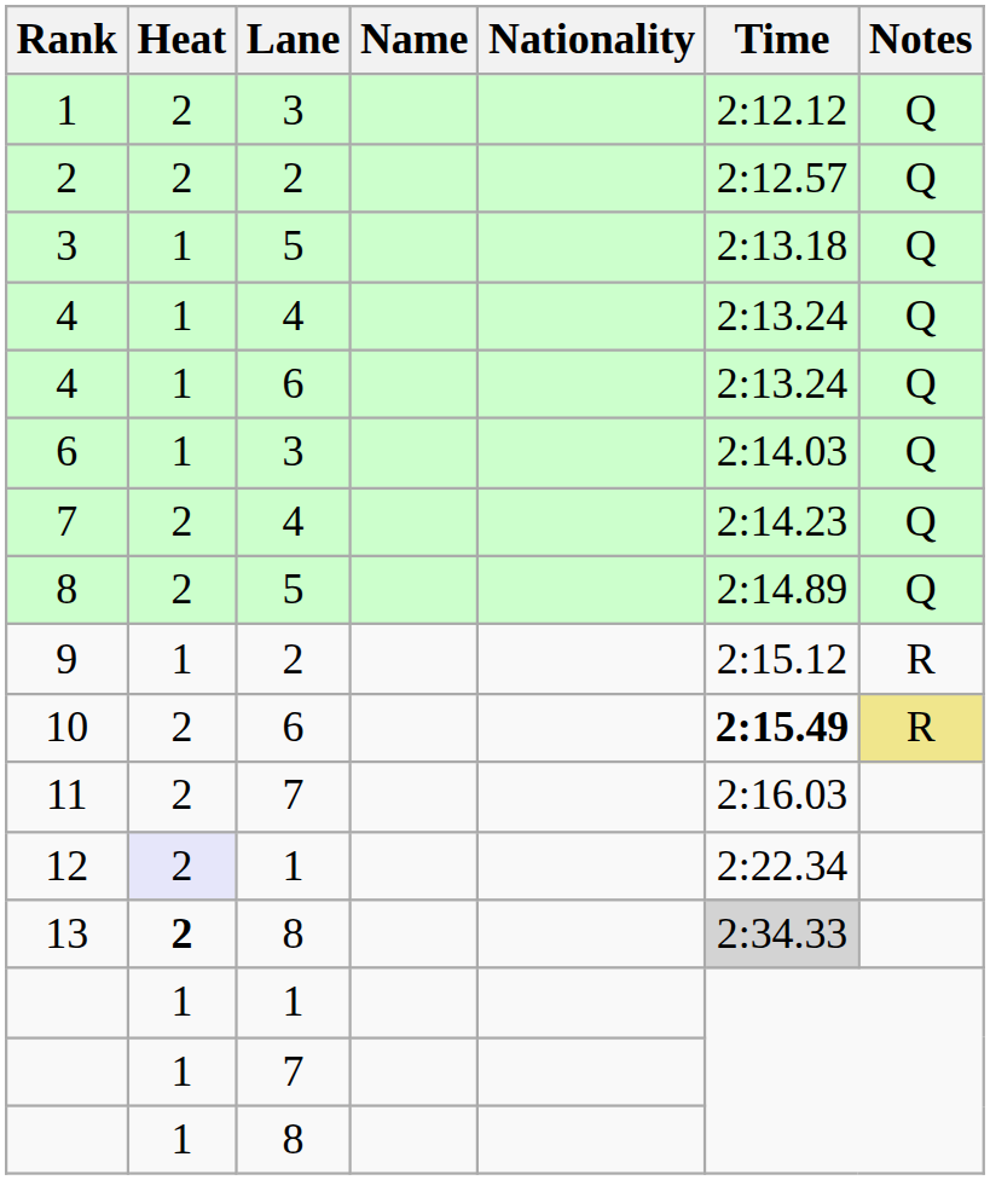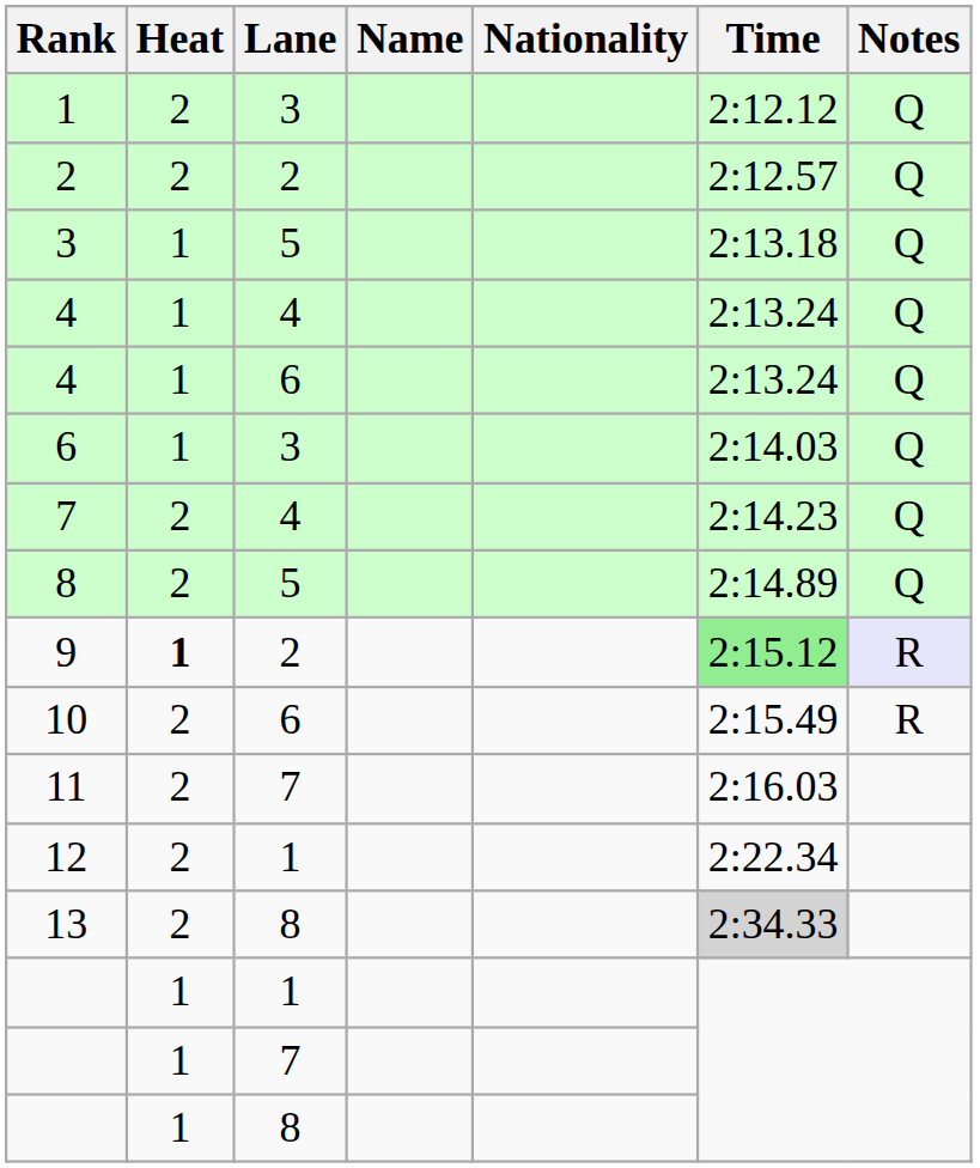 <table class="wikitable sortable" style="text-align:center">
 <tr>
 <th>Rank</th>
 <th>Heat</th>
 <th>Lane</th>
 <th>Name</th>
 <th>Nationality</th>
 <th>Time</th>
 <th>Notes</th>
 </tr>
 <tr bgcolor=ccffcc>
 <td>1</td>
 <td>2</td>
 <td>3</td>
 <td align="left"></td>
 <td align="left"></td>
 <td>2:12.12</td>
 <td>Q</td>
 </tr>
 <tr bgcolor=ccffcc>
 <td>2</td>
 <td>2</td>
 <td>2</td>
 <td align="left"></td>
 <td align="left"></td>
 <td>2:12.57</td>
 <td>Q</td>
 </tr>
 <tr bgcolor=ccffcc>
 <td>3</td>
 <td>1</td>
 <td>5</td>
 <td align="left"></td>
 <td align="left"></td>
 <td>2:13.18</td>
 <td>Q</td>
 </tr>
 <tr bgcolor=ccffcc>
 <td>4</td>
 <td>1</td>
 <td>4</td>
 <td align="left"></td>
 <td align="left"></td>
 <td>2:13.24</td>
 <td>Q</td>
 </tr>
 <tr bgcolor=ccffcc>
 <td>4</td>
 <td>1</td>
 <td>6</td>
 <td align="left"></td>
 <td align="left"></td>
 <td>2:13.24</td>
 <td>Q</td>
 </tr>
 <tr bgcolor=ccffcc>
 <td>6</td>
 <td>1</td>
 <td>3</td>
 <td align="left"></td>
 <td align="left"></td>
 <td>2:14.03</td>
 <td>Q</td>
 </tr>
 <tr bgcolor=ccffcc>
 <td>7</td>
 <td>2</td>
 <td>4</td>
 <td align="left"></td>
 <td align="left"></td>
 <td>2:14.23</td>
 <td>Q</td>
 </tr>
 <tr bgcolor=ccffcc>
 <td>8</td>
 <td>2</td>
 <td>5</td>
 <td align="left"></td>
 <td align="left"></td>
 <td>2:14.89</td>
 <td>Q</td>
 </tr>
 <tr>
 <td>9</td>
-<td>1</td>
+<td><strong>1</strong></td>
 <td>2</td>
 <td align="left"></td>
 <td align="left"></td>
-<td>2:15.12</td>
-<td>R</td>
+<td style="background: lightgreen;">2:15.12</td>
+<td style="background: lavender;">R</td>
 </tr>
 <tr>
 <td>10</td>
 <td>2</td>
 <td>6</td>
 <td align="left"></td>
 <td align="left"></td>
-<td><strong>2:15.49</strong></td>
-<td style="background: khaki;">R</td>
+<td>2:15.49</td>
+<td>R</td>
 </tr>
 <tr>
 <td>11</td>
 <td>2</td>
 <td>7</td>
 <td align="left"></td>
 <td align="left"></td>
 <td>2:16.03</td>
 <td></td>
 </tr>
 <tr>
 <td>12</td>
-<td style="background: lavender;">2</td>
+<td>2</td>
 <td>1</td>
 <td align="left"></td>
 <td align="left"></td>
 <td>2:22.34</td>
 <td></td>
 </tr>
 <tr>
 <td>13</td>
-<td><strong>2</strong></td>
+<td>2</td>
 <td>8</td>
 <td align="left"></td>
 <td align="left"></td>
 <td style="background: lightgrey;">2:34.33</td>
 <td></td>
 </tr>
 <tr>
 <td></td>
 <td>1</td>
 <td>1</td>
 <td align="left"></td>
 <td align="left"></td>
 <td rowspan=3 colspan=2></td>
 </tr>
 <tr>
 <td></td>
 <td>1</td>
 <td>7</td>
 <td align="left"></td>
 <td align="left"></td>
 </tr>
 <tr>
 <td></td>
 <td>1</td>
 <td>8</td>
 <td align="left"></td>
 <td align="left"></td>
 </tr>
 </table>
